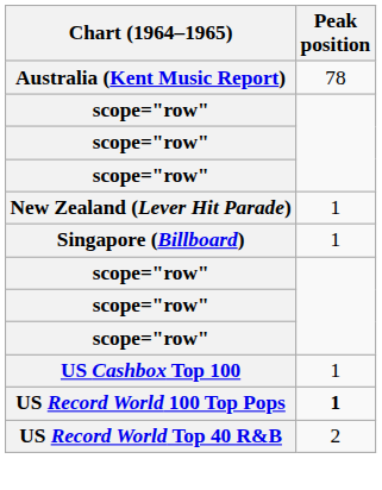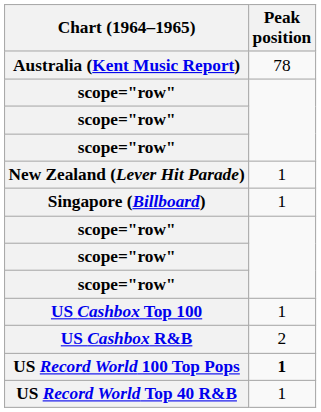 <table class="wikitable sortable plainrowheaders">
 <tr>
 <th scope="col">Chart (1964–1965)</th>
 <th scope="col">Peak<br>position</th>
 </tr>
 <tr>
 <th scope="row">Australia (<a href='#'>Kent Music Report</a>)</th>
 <td align="center">78</td>
 </tr>
 <tr>
 <th>scope="row" </th>
 </tr>
 <tr>
 <th>scope="row" </th>
 </tr>
 <tr>
 <th>scope="row" </th>
 </tr>
 <tr>
 <th scope="row">New Zealand (<em>Lever Hit Parade</em>)</th>
 <td align="center">1</td>
 </tr>
 <tr>
 <th scope="row">Singapore (<a href='#'><em>Billboard</em></a>)</th>
 <td style="text-align:center;">1</td>
 </tr>
 <tr>
 <th>scope="row" </th>
 </tr>
 <tr>
 <th>scope="row" </th>
 </tr>
 <tr>
 <th>scope="row" </th>
 </tr>
 <tr>
 <th scope="row"><a href='#'>US <em>Cashbox</em> Top 100</a></th>
 <td style="text-align:center;">1</td>
 </tr>
 <tr>
+<th scope="row"><a href='#'>US <em>Cashbox</em> R&B</a></th>
+<td style="text-align:center;">2</td>
+</tr>
+<tr>
 <th scope="row">US <a href='#'><em>Record World</em> 100 Top Pops</a></th>
 <td style="text-align:center;"><strong>1</strong></td>
 </tr>
 <tr>
 <th scope="row">US <a href='#'><em>Record World</em> Top 40 R&B</a></th>
-<td style="text-align:center;">2</td>
+<td style="text-align:center;">1</td>
 </tr>
 </table>
